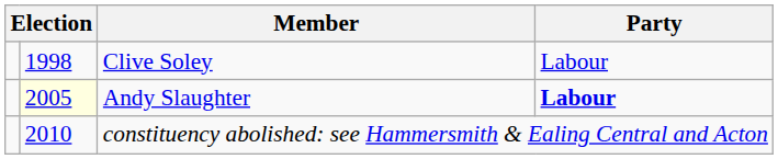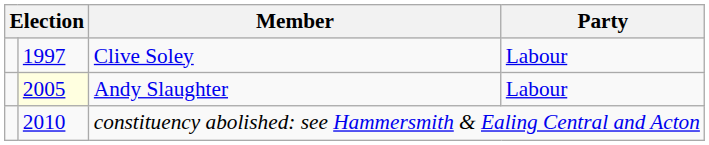 <table class="wikitable">
 <tr>
 <th colspan="2">Election</th>
 <th>Member </th>
 <th>Party</th>
 </tr>
 <tr>
 <td style="color:inherit;background-color: "></td>
-<td><a href='#'>1998</a></td>
+<td><a href='#'>1997</a></td>
 <td><a href='#'>Clive Soley</a></td>
 <td><a href='#'>Labour</a></td>
 </tr>
 <tr>
 <td style="color:inherit;background-color: "></td>
 <td style="background: lightyellow;"><a href='#'>2005</a></td>
 <td><a href='#'>Andy Slaughter</a></td>
-<td><strong><a href='#'>Labour</a></strong></td>
+<td><a href='#'>Labour</a></td>
 </tr>
 <tr>
 <td></td>
 <td><a href='#'>2010</a></td>
 <td colspan="2"><em>constituency abolished: see <a href='#'>Hammersmith</a> & <a href='#'>Ealing Central and Acton</a></em></td>
 </tr>
 </table>
